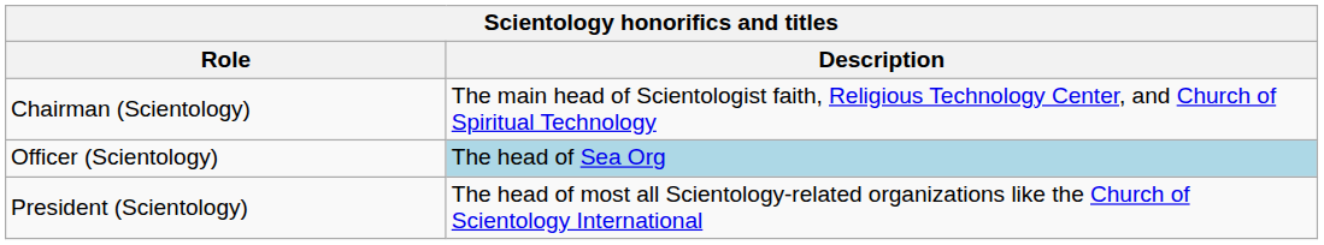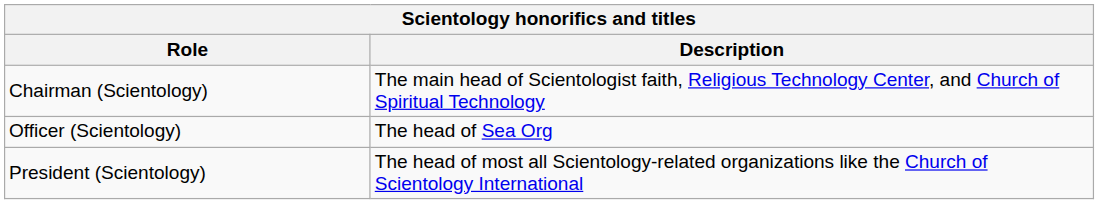 <table class="wikitable">
 <tr>
 <th style="text-align:center;" colspan="6"><strong>Scientology honorifics and titles</strong></th>
 </tr>
 <tr>
 <th scope="col" style="width:300px;">Role</th>
 <th scope="col" style="width:600px;">Description</th>
 </tr>
 <tr>
 <td>Chairman (Scientology)</td>
 <td>The main head of Scientologist faith, <a href='#'>Religious Technology Center</a>, and <a href='#'>Church of Spiritual Technology</a></td>
 </tr>
 <tr>
 <td>Officer (Scientology)</td>
-<td style="background: lightblue;">The head of <a href='#'>Sea Org</a></td>
+<td>The head of <a href='#'>Sea Org</a></td>
 </tr>
 <tr>
 <td>President (Scientology)</td>
 <td>The head of most all Scientology-related organizations like the <a href='#'>Church of Scientology International</a></td>
 </tr>
 </table>
